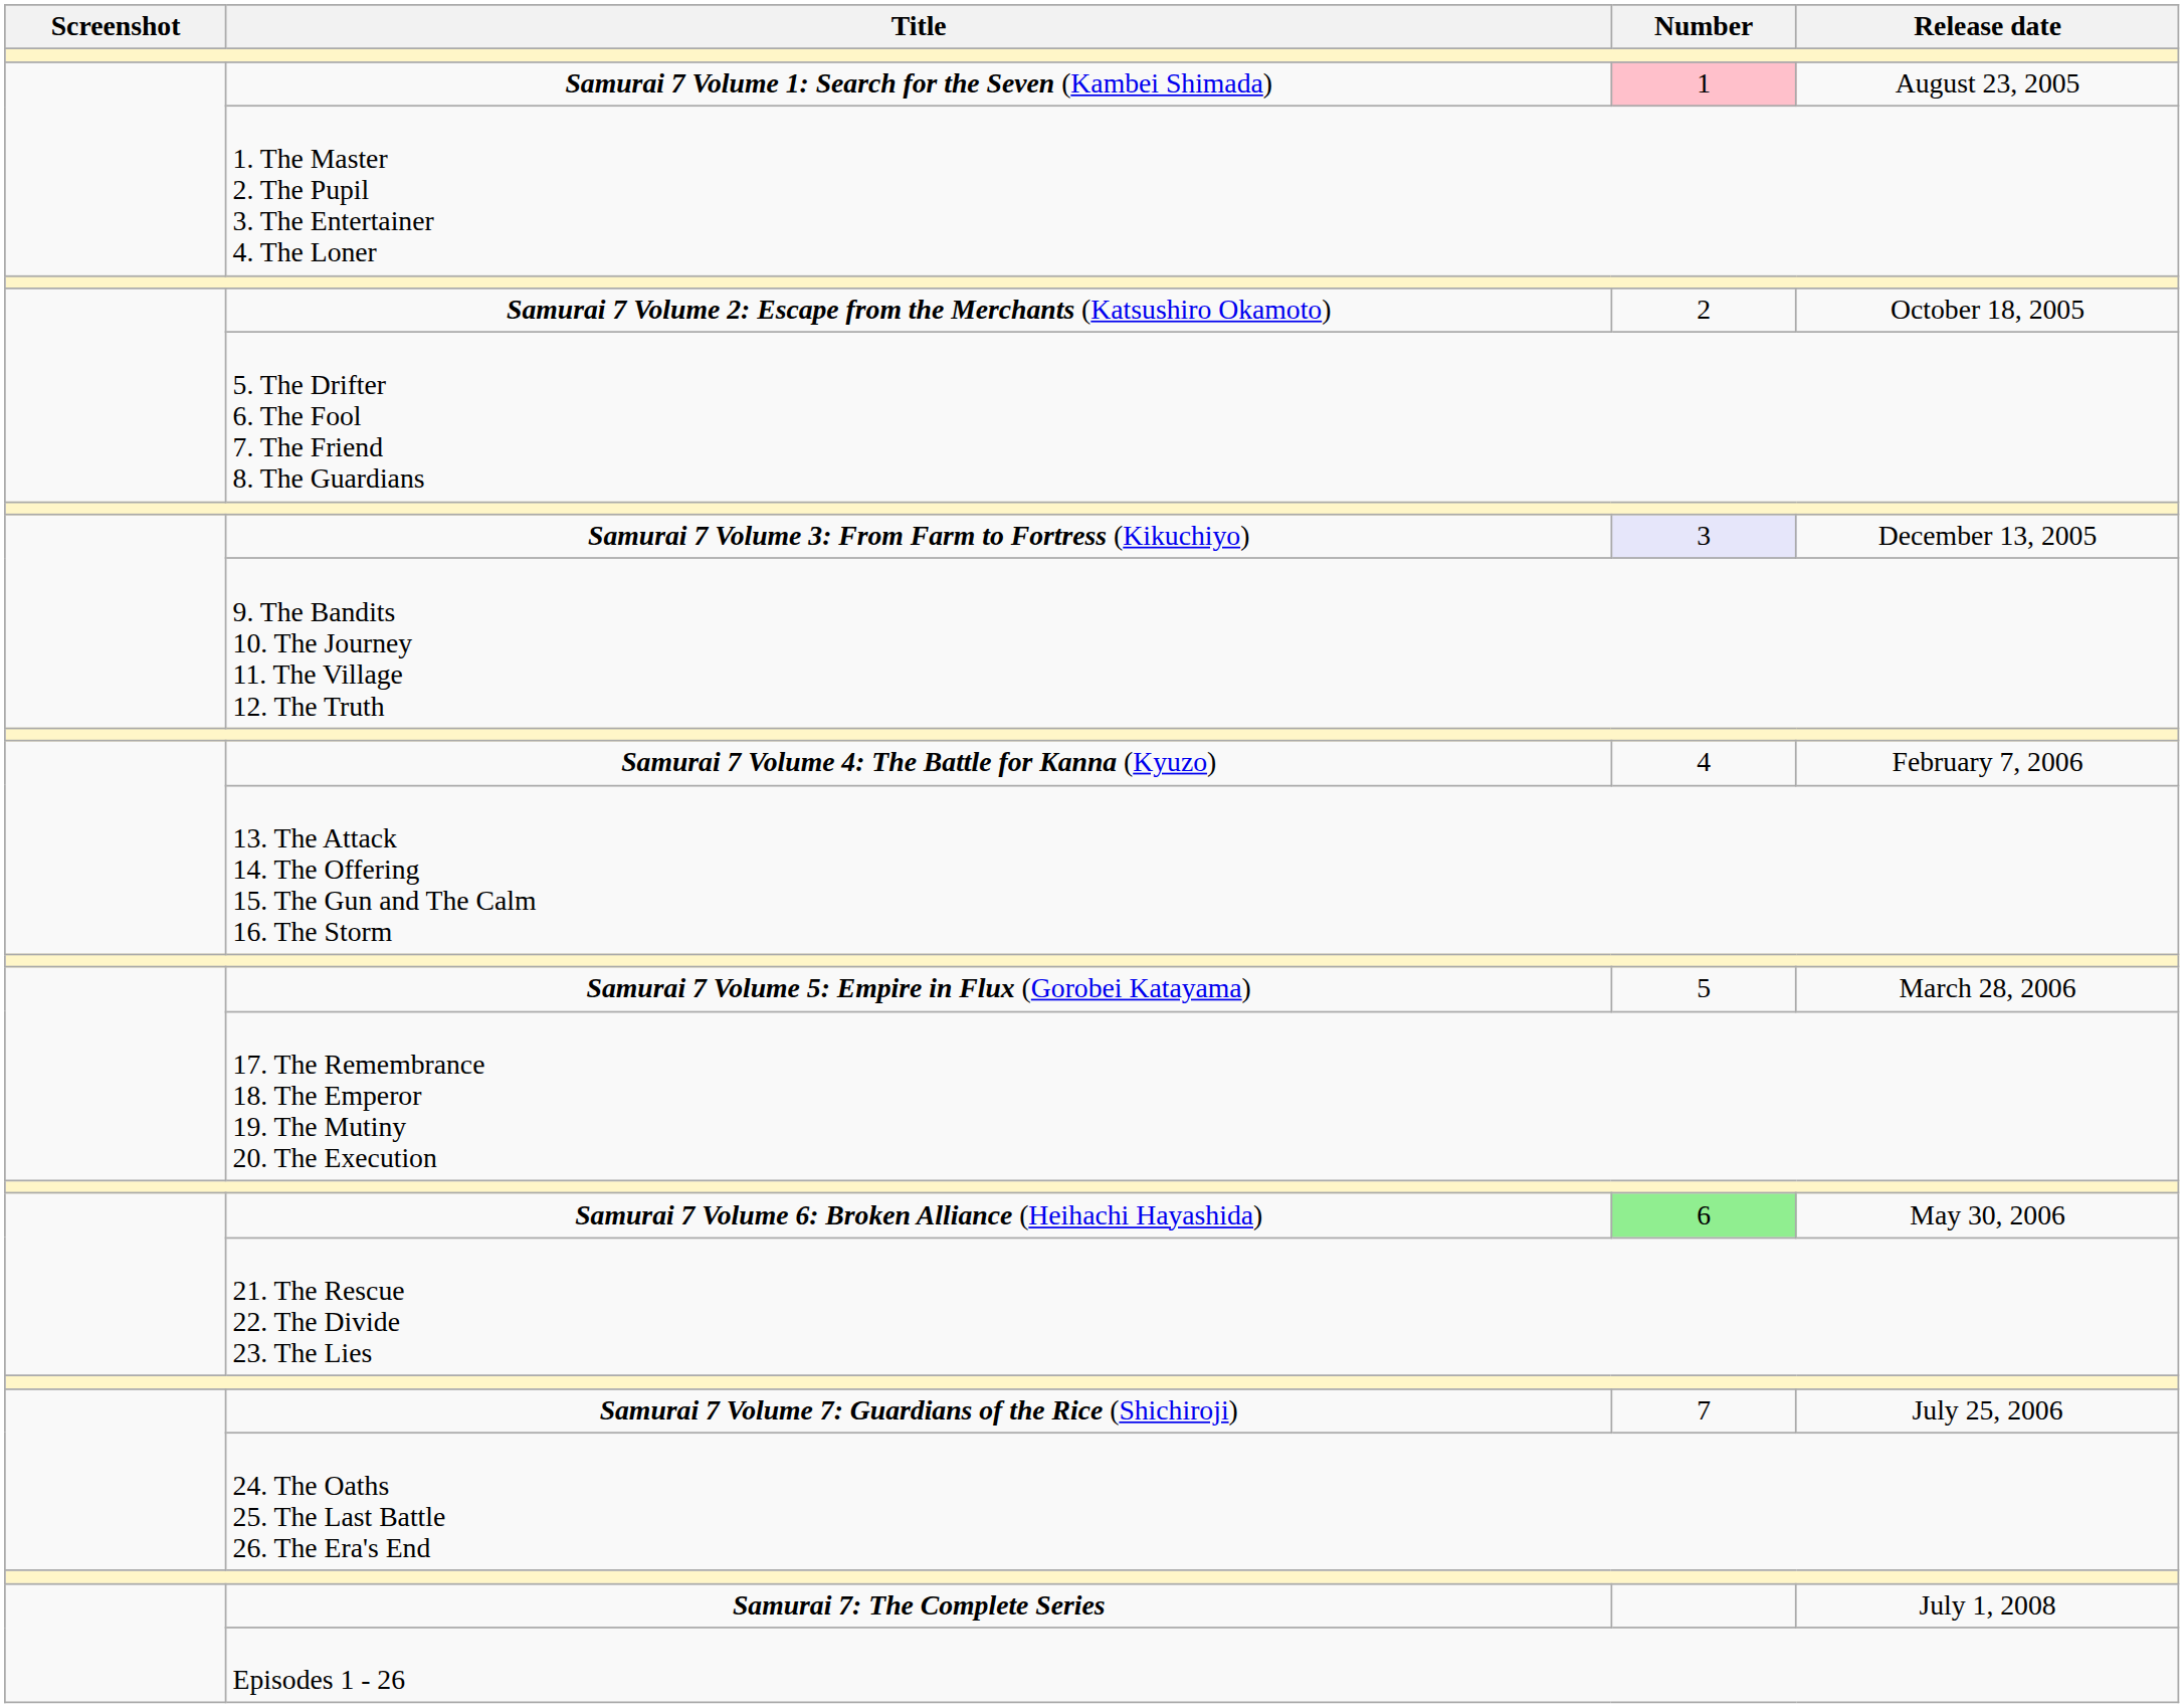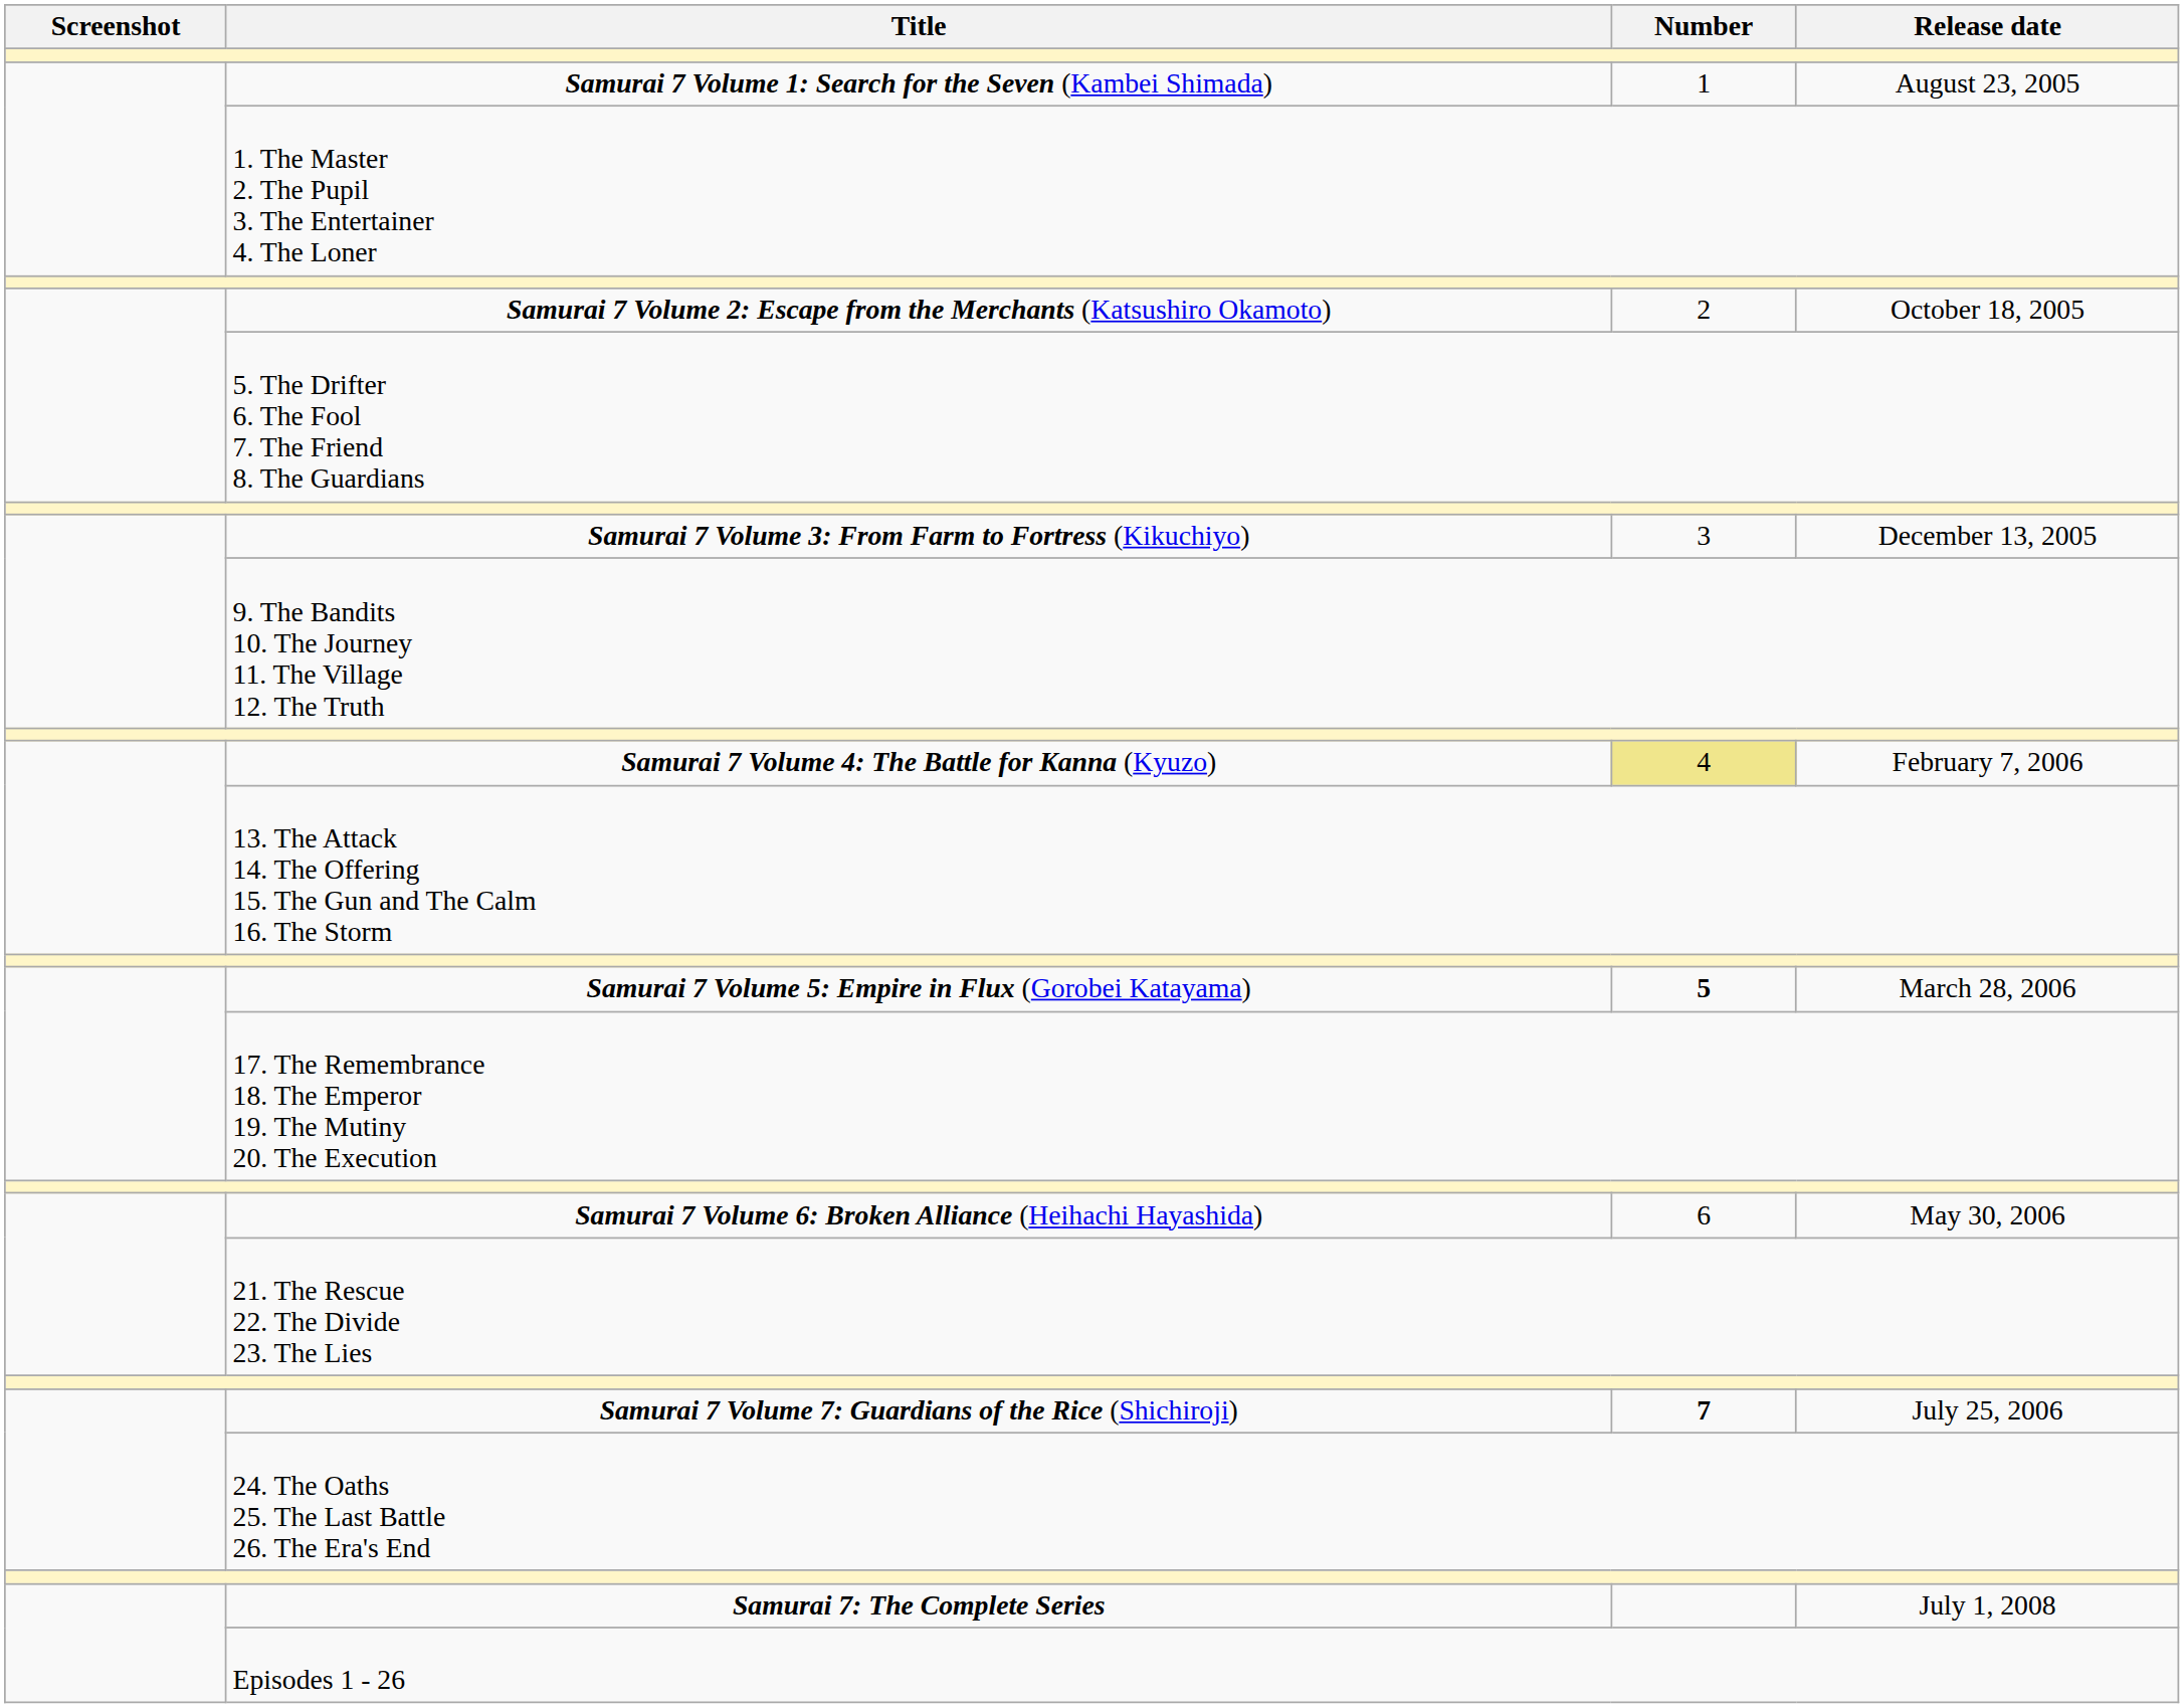 <table class="wikitable" style="width:99%;">
 <tr style="text-align: center;">
 <th style="width:120px;">Screenshot</th>
 <th>Title</th>
 <th>Number</th>
 <th>Release date</th>
 </tr>
 <tr>
 <td colspan="4" style="background:#fff6c8;"></td>
 </tr>
 <tr style="text-align: center;">
 <td rowspan="2"></td>
 <td><strong><em>Samurai 7 Volume 1: Search for the Seven</em></strong> (<a href='#'>Kambei Shimada</a>)</td>
-<td style="background: pink;">1</td>
+<td>1</td>
 <td>August 23, 2005</td>
 </tr>
 <tr>
 <td colspan="3"><br>1. The Master<br> 2. The Pupil<br> 3. The Entertainer<br> 4. The Loner</td>
 </tr>
 <tr>
 <td colspan="4" style="background:#fff6c8;"></td>
 </tr>
 <tr style="text-align: center;">
 <td rowspan="2"></td>
 <td><strong><em>Samurai 7 Volume 2: Escape from the Merchants</em></strong> (<a href='#'>Katsushiro Okamoto</a>)</td>
 <td>2</td>
 <td>October 18, 2005</td>
 </tr>
 <tr>
 <td colspan="3"><br>5. The Drifter<br> 6. The Fool<br> 7. The Friend<br> 8. The Guardians</td>
 </tr>
 <tr>
 <td colspan="4" style="background:#fff6c8;"></td>
 </tr>
 <tr style="text-align: center;">
 <td rowspan="2"></td>
 <td><strong><em>Samurai 7 Volume 3: From Farm to Fortress</em></strong> (<a href='#'>Kikuchiyo</a>)</td>
-<td style="background: lavender;">3</td>
+<td>3</td>
 <td>December 13, 2005</td>
 </tr>
 <tr>
 <td colspan="3"><br>9. The Bandits<br> 10. The Journey<br> 11. The Village<br> 12. The Truth</td>
 </tr>
 <tr>
 <td colspan="4" style="background:#fff6c8;"></td>
 </tr>
 <tr style="text-align: center;">
 <td rowspan="2"></td>
 <td><strong><em>Samurai 7 Volume 4: The Battle for Kanna</em></strong> (<a href='#'>Kyuzo</a>)</td>
-<td>4</td>
+<td style="background: khaki;">4</td>
 <td>February 7, 2006</td>
 </tr>
 <tr>
 <td colspan="3"><br>13. The Attack<br> 14. The Offering<br> 15. The Gun and The Calm<br> 16. The Storm</td>
 </tr>
 <tr>
 <td colspan="4" style="background:#fff6c8;"></td>
 </tr>
 <tr style="text-align: center;">
 <td rowspan="2"></td>
 <td><strong><em>Samurai 7 Volume 5: Empire in Flux</em></strong> (<a href='#'>Gorobei Katayama</a>)</td>
-<td>5</td>
+<td><strong>5</strong></td>
 <td>March 28, 2006</td>
 </tr>
 <tr>
 <td colspan="3"><br>17. The Remembrance<br> 18. The Emperor<br> 19. The Mutiny<br> 20. The Execution</td>
 </tr>
 <tr>
 <td colspan="4" style="background:#fff6c8;"></td>
 </tr>
 <tr style="text-align: center;">
 <td rowspan="2"></td>
 <td><strong><em>Samurai 7 Volume 6: Broken Alliance</em></strong> (<a href='#'>Heihachi Hayashida</a>)</td>
-<td style="background: lightgreen;">6</td>
+<td>6</td>
 <td>May 30, 2006</td>
 </tr>
 <tr>
 <td colspan="3"><br>21. The Rescue<br> 22. The Divide<br> 23. The Lies</td>
 </tr>
 <tr>
 <td colspan="4" style="background:#fff6c8;"></td>
 </tr>
 <tr style="text-align: center;">
 <td rowspan="2"></td>
 <td><strong><em>Samurai 7 Volume 7: Guardians of the Rice</em></strong> (<a href='#'>Shichiroji</a>)</td>
-<td>7</td>
+<td><strong>7</strong></td>
 <td>July 25, 2006</td>
 </tr>
 <tr>
 <td colspan="3"><br>24. The Oaths<br> 25. The Last Battle<br> 26. The Era's End</td>
 </tr>
 <tr>
 <td colspan="4" style="background:#fff6c8;"></td>
 </tr>
 <tr style="text-align: center;">
 <td rowspan="2"></td>
 <td><strong><em>Samurai 7: The Complete Series</em></strong></td>
 <td></td>
 <td>July 1, 2008</td>
 </tr>
 <tr>
 <td colspan="3"><br>Episodes 1 - 26</td>
 </tr>
 </table>
